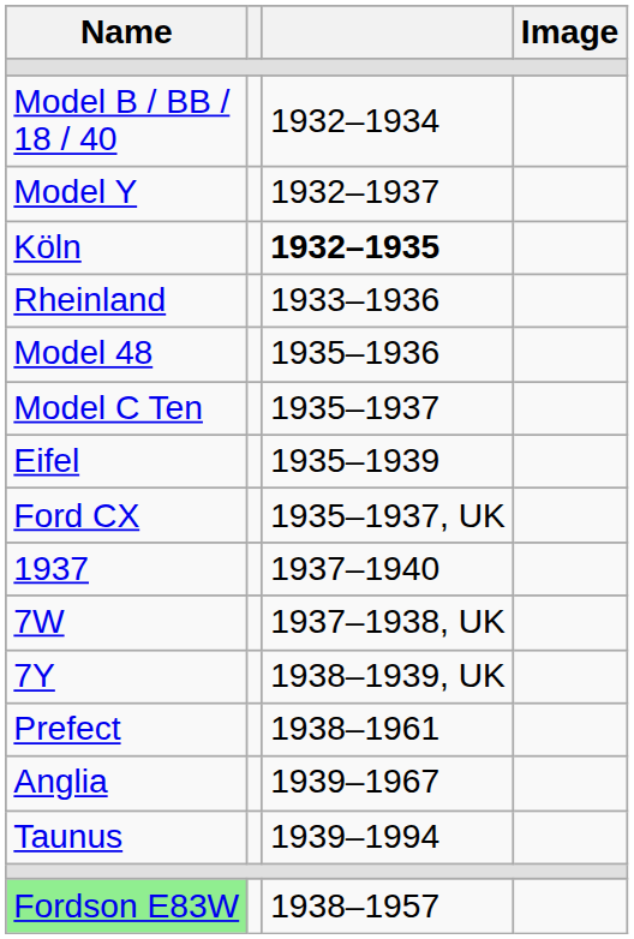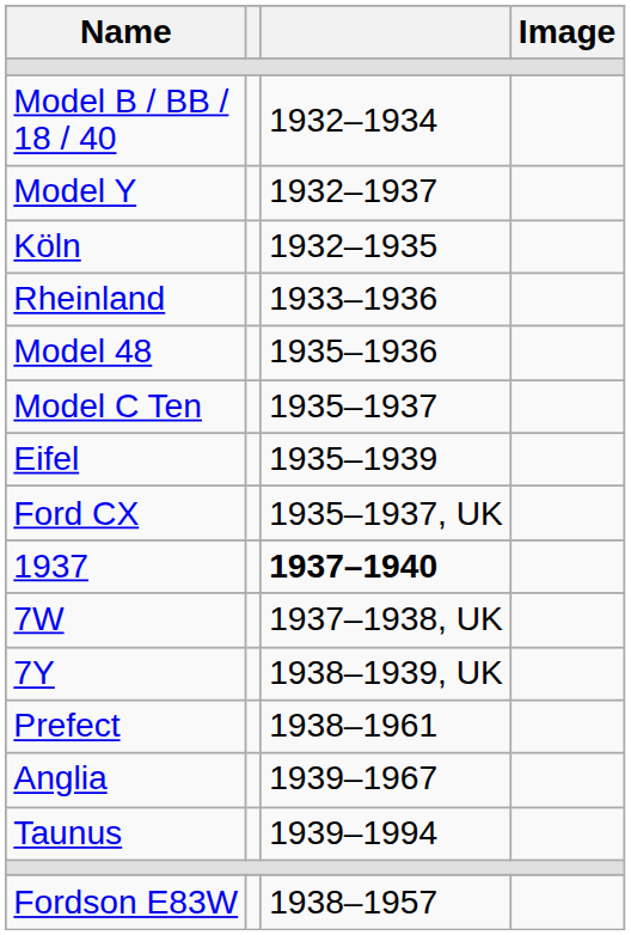 <table class="wikitable sortable">
 <tr>
 <th style="width:px;">Name</th>
 <th style="width:px;"></th>
 <th style="width:px;"></th>
 <th style="width:px;">Image</th>
 </tr>
 <tr style="background:#e0e0e0;">
 <td colspan=6></td>
 </tr>
 <tr>
 <td><a href='#'>Model B / BB /<br> 18 / 40</a></td>
 <td></td>
 <td>1932–1934</td>
 <td></td>
 </tr>
 <tr>
 <td><a href='#'>Model Y</a></td>
 <td></td>
 <td>1932–1937</td>
 <td></td>
 </tr>
 <tr>
 <td><a href='#'>Köln</a></td>
 <td></td>
-<td><strong>1932–1935</strong></td>
+<td>1932–1935</td>
 <td></td>
 </tr>
 <tr>
 <td><a href='#'>Rheinland</a></td>
 <td></td>
 <td>1933–1936</td>
 <td></td>
 </tr>
 <tr>
 <td><a href='#'>Model 48</a></td>
 <td></td>
 <td>1935–1936</td>
 <td></td>
 </tr>
 <tr>
 <td><a href='#'>Model C Ten</a></td>
 <td></td>
 <td>1935–1937</td>
 <td></td>
 </tr>
 <tr>
 <td><a href='#'>Eifel</a></td>
 <td></td>
 <td>1935–1939</td>
 <td></td>
 </tr>
 <tr>
 <td><a href='#'>Ford CX</a></td>
 <td></td>
 <td>1935–1937, UK</td>
 <td></td>
 </tr>
 <tr>
 <td><a href='#'>1937</a></td>
 <td></td>
-<td>1937–1940</td>
+<td><strong>1937–1940</strong></td>
 <td></td>
 </tr>
 <tr>
 <td><a href='#'>7W</a></td>
 <td></td>
 <td>1937–1938, UK</td>
 <td></td>
 </tr>
 <tr>
 <td><a href='#'>7Y</a></td>
 <td></td>
 <td>1938–1939, UK</td>
 <td></td>
 </tr>
 <tr>
 <td><a href='#'>Prefect</a></td>
 <td></td>
 <td>1938–1961</td>
 <td></td>
 </tr>
 <tr>
 <td><a href='#'>Anglia</a></td>
 <td></td>
 <td>1939–1967</td>
 <td></td>
 </tr>
 <tr>
 <td><a href='#'>Taunus</a></td>
 <td></td>
 <td>1939–1994</td>
 <td></td>
 </tr>
 <tr>
 <td colspan=6 style=background:#e0e0e0></td>
 </tr>
 <tr>
-<td style="background: lightgreen;"><a href='#'>Fordson E83W</a></td>
+<td><a href='#'>Fordson E83W</a></td>
 <td></td>
 <td>1938–1957</td>
 <td></td>
 </tr>
 </table>
